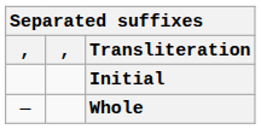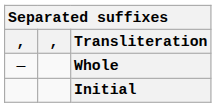 <table class="wikitable" style="text-align: center; display: inline-table;">
 <tr>
 <th colspan="3" style="text-align: left">Separated suffixes</th>
 </tr>
 <tr>
 <th style="min-width: 1.75em">, </th>
 <th style="min-width: 1.75em">, </th>
 <th style="text-align: left">Transliteration</th>
 </tr>
 <tr>
+<td>—</td>
+<td></td>
+<th style="text-align: left">Whole</th>
+</tr>
+<tr>
 <td></td>
 <td></td>
 <th style="text-align: left">Initial</th>
 </tr>
-<tr>
-<td>—</td>
-<td></td>
-<th style="text-align: left">Whole</th>
-</tr>
 </table>
